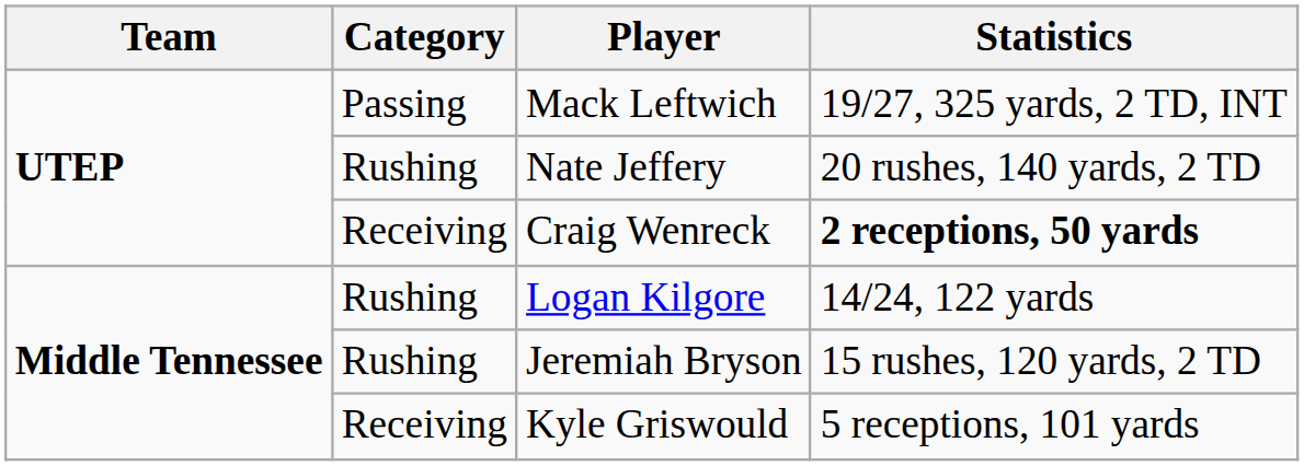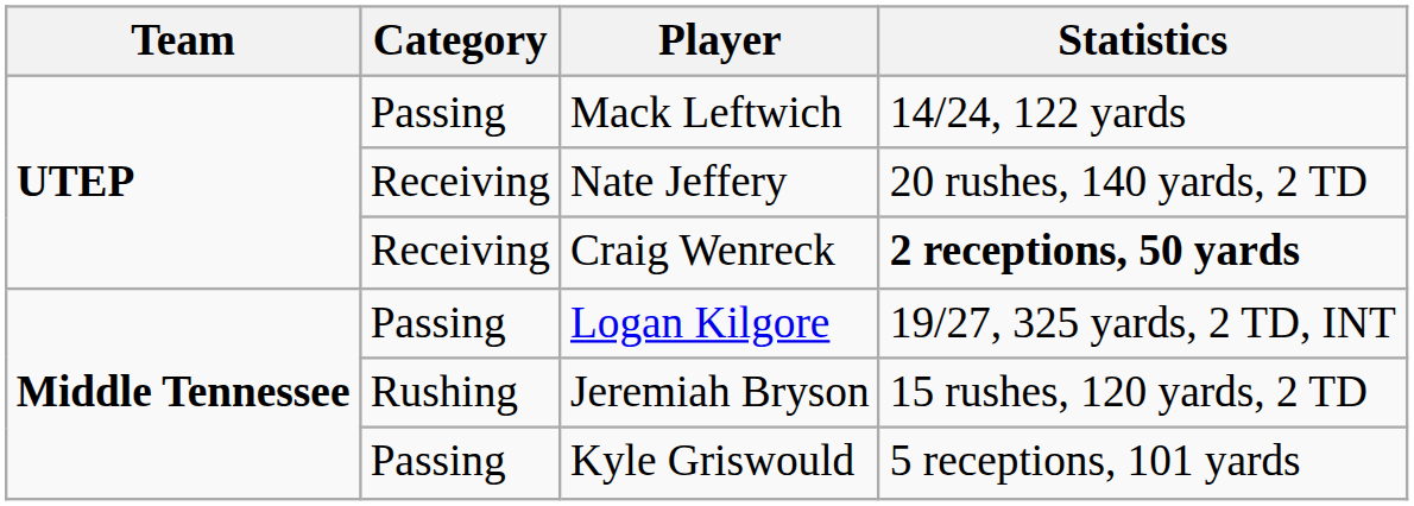 <table class="wikitable" style="float: left;">
 <tr>
 <th>Team</th>
 <th>Category</th>
 <th>Player</th>
 <th>Statistics</th>
 </tr>
 <tr>
 <td rowspan=3><strong>UTEP</strong></td>
 <td>Passing</td>
 <td>Mack Leftwich</td>
-<td>19/27, 325 yards, 2 TD, INT</td>
+<td>14/24, 122 yards</td>
 </tr>
 <tr>
-<td>Rushing</td>
+<td>Receiving</td>
 <td>Nate Jeffery</td>
 <td>20 rushes, 140 yards, 2 TD</td>
 </tr>
 <tr>
 <td>Receiving</td>
 <td>Craig Wenreck</td>
 <td><strong>2 receptions, 50 yards</strong></td>
 </tr>
 <tr>
 <td rowspan=3><strong>Middle Tennessee</strong></td>
-<td>Rushing</td>
+<td>Passing</td>
 <td><a href='#'>Logan Kilgore</a></td>
-<td>14/24, 122 yards</td>
+<td>19/27, 325 yards, 2 TD, INT</td>
 </tr>
 <tr>
 <td>Rushing</td>
 <td>Jeremiah Bryson</td>
 <td>15 rushes, 120 yards, 2 TD</td>
 </tr>
 <tr>
-<td>Receiving</td>
+<td>Passing</td>
 <td>Kyle Griswould</td>
 <td>5 receptions, 101 yards</td>
 </tr>
 </table>
